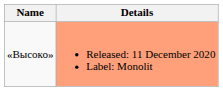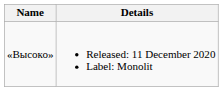 <table class="wikitable">
 <tr>
 <th>Name</th>
 <th>Details</th>
 </tr>
 <tr>
 <td>«Высоко»</td>
-<td style="background: lightsalmon;"><br><ul><li>Released: 11 December 2020</li><li>Label: Monolit</li></ul></td>
+<td><br><ul><li>Released: 11 December 2020</li><li>Label: Monolit</li></ul></td>
 </tr>
 </table>
